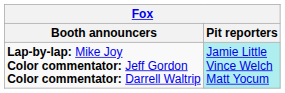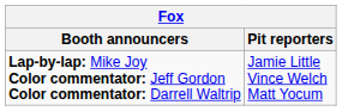 <table class="wikitable" style="font-size: 95%">
 <tr>
 <th colspan="2"><a href='#'>Fox</a></th>
 </tr>
 <tr>
 <th>Booth announcers</th>
 <th>Pit reporters</th>
 </tr>
 <tr>
 <td><strong>Lap-by-lap:</strong> <a href='#'>Mike Joy</a><br><strong>Color commentator:</strong> <a href='#'>Jeff Gordon</a><br><strong>Color commentator:</strong> <a href='#'>Darrell Waltrip</a></td>
-<td style="background: paleturquoise;"><a href='#'>Jamie Little</a><br><a href='#'>Vince Welch</a><br><a href='#'>Matt Yocum</a></td>
+<td><a href='#'>Jamie Little</a><br><a href='#'>Vince Welch</a><br><a href='#'>Matt Yocum</a></td>
 </tr>
 </table>
